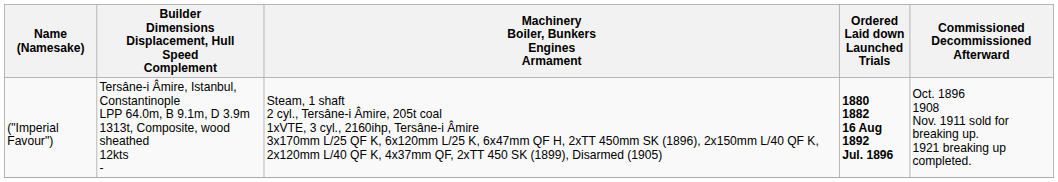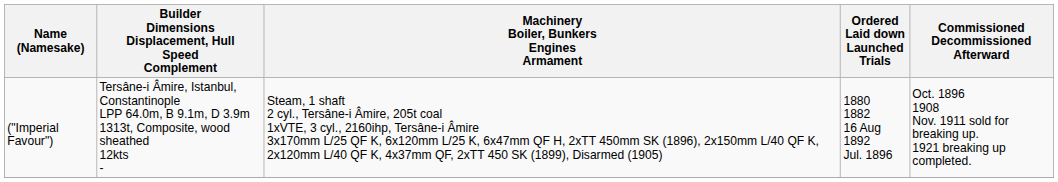 <table class="wikitable" style="font-size:90%;">
 <tr bgcolor="#e6e9ff">
 <th>Name<br>(Namesake)</th>
 <th>Builder<br>Dimensions<br>Displacement, Hull<br>Speed<br>Complement</th>
 <th>Machinery<br>Boiler, Bunkers<br>Engines<br>Armament</th>
 <th>Ordered<br>Laid down<br>Launched<br>Trials</th>
 <th>Commissioned<br>Decommissioned<br>Afterward</th>
 </tr>
 <tr ---->
 <td><br>("Imperial Favour")</td>
 <td> Tersâne-i Âmire, Istanbul, Constantinople<br>LPP 64.0m, B 9.1m, D 3.9m<br>1313t, Composite, wood sheathed<br>12kts<br>-</td>
 <td>Steam, 1 shaft<br>2 cyl., Tersâne-i Âmire, 205t coal<br>1xVTE, 3 cyl., 2160ihp, Tersâne-i Âmire<br>3x170mm L/25 QF K, 6x120mm L/25 K, 6x47mm QF H, 2xTT 450mm SK (1896), 2x150mm L/40 QF K, 2x120mm L/40 QF K, 4x37mm QF, 2xTT 450 SK (1899), Disarmed (1905)</td>
-<td><strong>1880<br>1882<br>16 Aug 1892<br>Jul. 1896</strong></td>
+<td>1880<br>1882<br>16 Aug 1892<br>Jul. 1896</td>
 <td>Oct. 1896<br>1908<br>Nov. 1911 sold for breaking up.<br>1921 breaking up completed.</td>
 </tr>
 <tr ---->
 </tr>
 </table>
